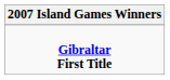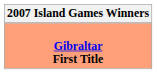 <table class="wikitable" style="text-align: center; margin: 0 auto;">
 <tr>
 <th>2007 Island Games Winners</th>
 </tr>
 <tr>
 </tr>
 <tr>
-<td><br><strong><a href='#'>Gibraltar</a></strong><br><strong>First Title</strong></td>
+<td style="background: lightsalmon;"><br><strong><a href='#'>Gibraltar</a></strong><br><strong>First Title</strong></td>
 </tr>
 </table>
